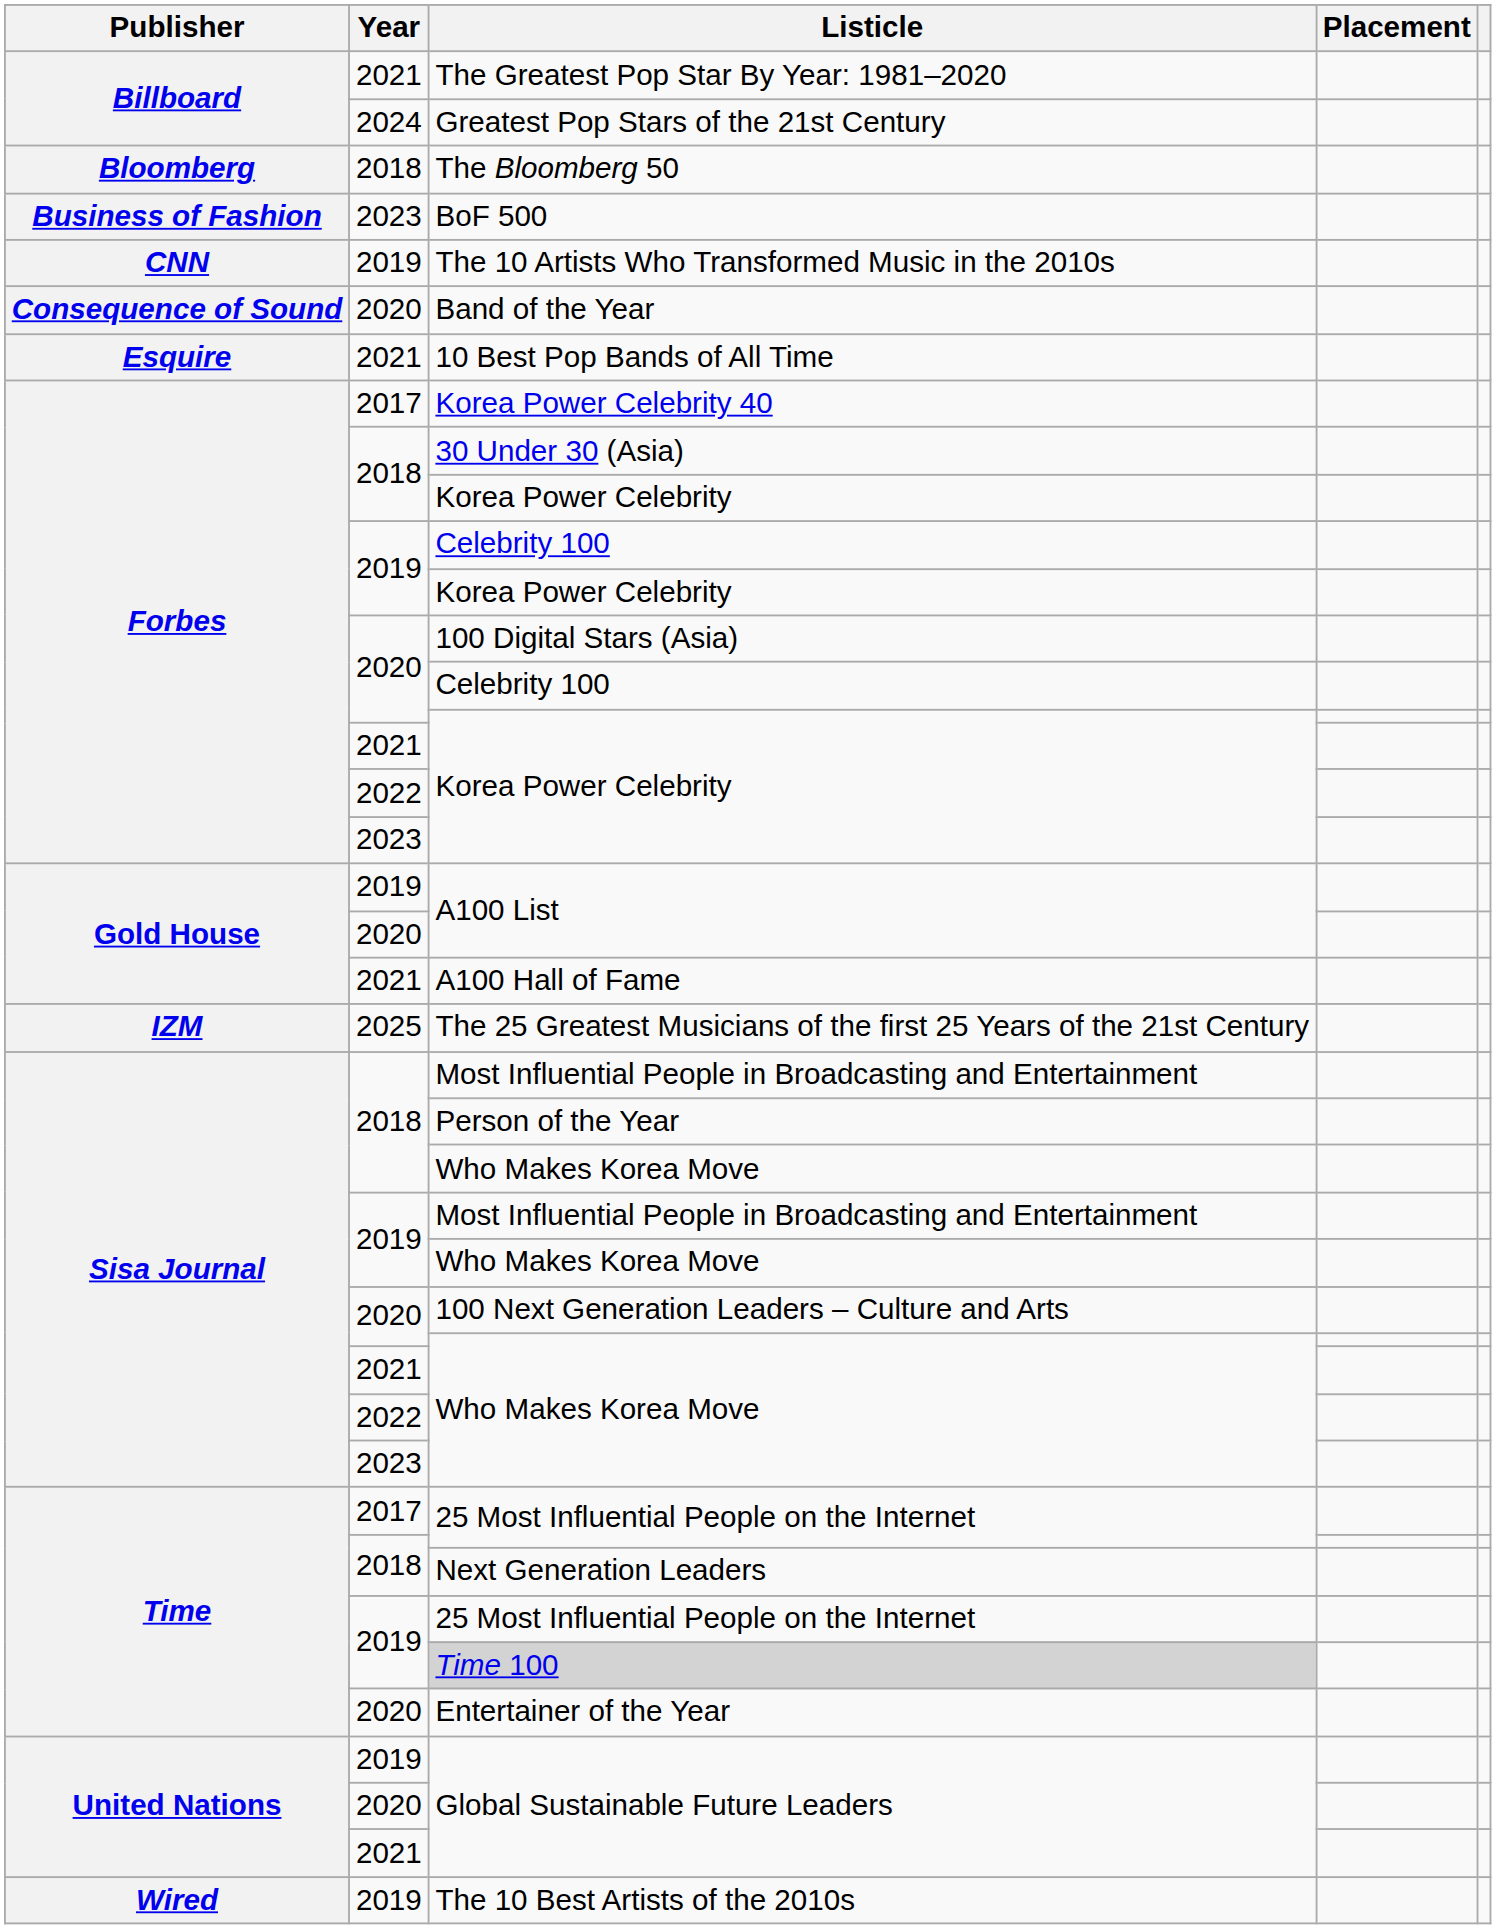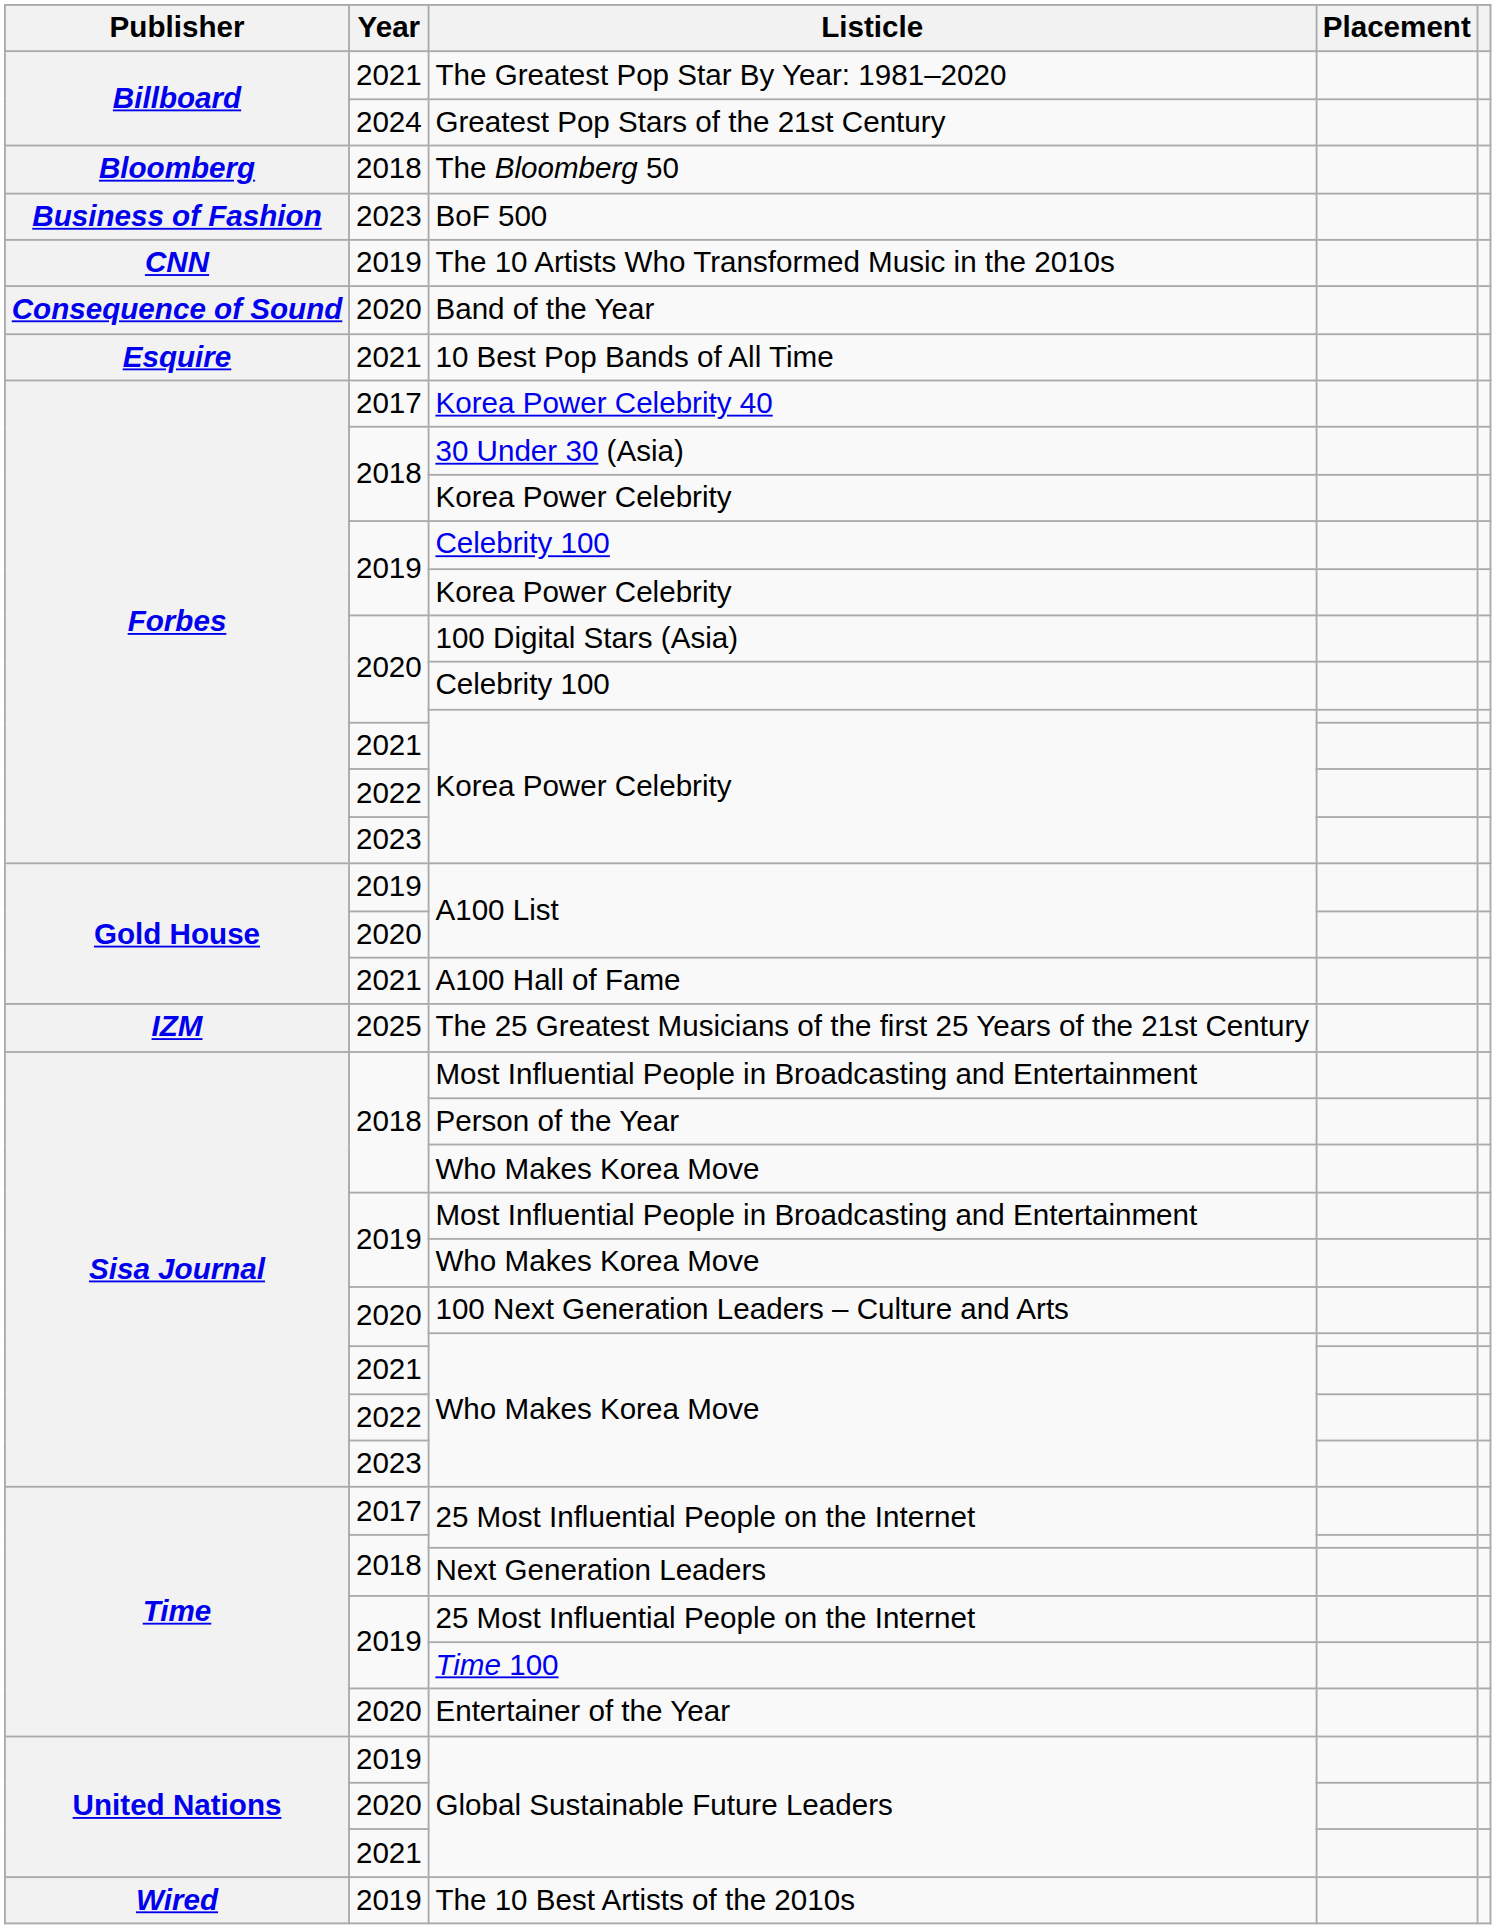 <table class="wikitable plainrowheaders sortable" style="margin-right: 0;">
 <tr>
 <th scope="col">Publisher</th>
 <th scope="col">Year</th>
 <th scope="col">Listicle</th>
 <th scope="col">Placement</th>
 <th scope="col" class="unsortable"></th>
 </tr>
 <tr>
 <th scope="row" rowspan="2"><em><a href='#'>Billboard</a></em></th>
 <td>2021</td>
 <td>The Greatest Pop Star By Year: 1981–2020</td>
 <td></td>
 <td style="text-align:center;"></td>
 </tr>
 <tr>
 <td>2024</td>
 <td>Greatest Pop Stars of the 21st Century</td>
 <td></td>
 <td style="text-align:center;"></td>
 </tr>
 <tr>
 <th scope="row"><em><a href='#'>Bloomberg</a></em></th>
 <td>2018</td>
 <td>The <em>Bloomberg</em> 50</td>
 <td></td>
 <td style="text-align:center;"></td>
 </tr>
 <tr>
 <th scope="row"><em><a href='#'>Business of Fashion</a></em></th>
 <td>2023</td>
 <td style="text-align:left">BoF 500</td>
 <td></td>
 <td style="text-align:center;"></td>
 </tr>
 <tr>
 <th scope="row"><em><a href='#'>CNN</a></em></th>
 <td>2019</td>
 <td>The 10 Artists Who Transformed Music in the 2010s</td>
 <td></td>
 <td style="text-align:center;"></td>
 </tr>
 <tr>
 <th scope="row"><em><a href='#'>Consequence of Sound</a></em></th>
 <td>2020</td>
 <td>Band of the Year</td>
 <td></td>
 <td align=center></td>
 </tr>
 <tr>
 <th scope="row"><em><a href='#'>Esquire</a></em></th>
 <td>2021</td>
 <td>10 Best Pop Bands of All Time</td>
 <td></td>
 <td align=center></td>
 </tr>
 <tr>
 <th scope="row" rowspan="11"><em><a href='#'>Forbes</a></em></th>
 <td>2017</td>
 <td><a href='#'>Korea Power Celebrity 40</a></td>
 <td></td>
 <td style="text-align:center;"></td>
 </tr>
 <tr>
 <td rowspan="2">2018</td>
 <td><a href='#'>30 Under 30</a> (Asia)</td>
 <td></td>
 <td style="text-align:center;"></td>
 </tr>
 <tr>
 <td>Korea Power Celebrity</td>
 <td></td>
 <td style="text-align:center;"></td>
 </tr>
 <tr>
 <td rowspan="2">2019</td>
 <td><a href='#'>Celebrity 100</a></td>
 <td></td>
 <td style="text-align:center;"></td>
 </tr>
 <tr>
 <td>Korea Power Celebrity</td>
 <td></td>
 <td style="text-align:center;"></td>
 </tr>
 <tr>
 <td rowspan="3">2020</td>
 <td>100 Digital Stars (Asia)</td>
 <td></td>
 <td style="text-align:center;"></td>
 </tr>
 <tr>
 <td>Celebrity 100</td>
 <td></td>
 <td style="text-align:center;"></td>
 </tr>
 <tr>
 <td rowspan="4">Korea Power Celebrity</td>
 <td></td>
 <td style="text-align:center;"></td>
 </tr>
 <tr>
 <td>2021</td>
 <td></td>
 <td style="text-align:center;"></td>
 </tr>
 <tr>
 <td>2022</td>
 <td></td>
 <td style="text-align:center;"></td>
 </tr>
 <tr>
 <td>2023</td>
 <td></td>
 <td style="text-align:center;"></td>
 </tr>
 <tr>
 <th scope="row" rowspan="3"><a href='#'>Gold House</a></th>
 <td>2019</td>
 <td rowspan="2">A100 List</td>
 <td></td>
 <td style="text-align:center;"></td>
 </tr>
 <tr>
 <td>2020</td>
 <td></td>
 <td style="text-align:center;"></td>
 </tr>
 <tr>
 <td>2021</td>
 <td>A100 Hall of Fame</td>
 <td></td>
 <td style="text-align:center;"></td>
 </tr>
 <tr>
 <th scope="row"><em><a href='#'>IZM</a></em></th>
 <td>2025</td>
 <td>The 25 Greatest Musicians of the first 25 Years of the 21st Century</td>
 <td></td>
 <td style="text-align:center;"></td>
 </tr>
 <tr>
 <th scope="row"rowspan="10"><em><a href='#'>Sisa Journal</a></em></th>
 <td rowspan="3">2018</td>
 <td>Most Influential People in Broadcasting and Entertainment</td>
 <td></td>
 <td style="text-align:center;"></td>
 </tr>
 <tr>
 <td>Person of the Year</td>
 <td></td>
 <td style="text-align:center;"></td>
 </tr>
 <tr>
 <td>Who Makes Korea Move</td>
 <td></td>
 <td style="text-align:center;"></td>
 </tr>
 <tr>
 <td rowspan="2">2019</td>
 <td>Most Influential People in Broadcasting and Entertainment</td>
 <td></td>
 <td style="text-align:center;"></td>
 </tr>
 <tr>
 <td>Who Makes Korea Move</td>
 <td></td>
 <td style="text-align:center;"></td>
 </tr>
 <tr>
 <td rowspan="2">2020</td>
 <td>100 Next Generation Leaders – Culture and Arts</td>
 <td></td>
 <td style="text-align:center;"></td>
 </tr>
 <tr>
 <td rowspan="4">Who Makes Korea Move</td>
 <td></td>
 <td style="text-align:center;"></td>
 </tr>
 <tr>
 <td>2021</td>
 <td></td>
 <td style="text-align:center;"></td>
 </tr>
 <tr>
 <td>2022</td>
 <td></td>
 <td style="text-align:center;"></td>
 </tr>
 <tr>
 <td>2023</td>
 <td></td>
 <td style="text-align:center;"></td>
 </tr>
 <tr>
 <th scope="row" rowspan="6"><em><a href='#'>Time</a></em></th>
 <td>2017</td>
 <td rowspan="2">25 Most Influential People on the Internet</td>
 <td></td>
 <td style="text-align:center;"></td>
 </tr>
 <tr>
 <td rowspan="2">2018</td>
 <td></td>
 <td style="text-align:center;"></td>
 </tr>
 <tr>
 <td>Next Generation Leaders</td>
 <td></td>
 <td style="text-align:center;"></td>
 </tr>
 <tr>
 <td rowspan="2">2019</td>
 <td>25 Most Influential People on the Internet</td>
 <td></td>
 <td style="text-align:center;"></td>
 </tr>
 <tr>
-<td style="background: lightgrey;"><a href='#'><em>Time</em> 100</a></td>
+<td><a href='#'><em>Time</em> 100</a></td>
 <td></td>
 <td style="text-align:center;"></td>
 </tr>
 <tr>
 <td>2020</td>
 <td>Entertainer of the Year</td>
 <td></td>
 <td style="text-align:center;"></td>
 </tr>
 <tr>
 <th scope="row" rowspan="3"><a href='#'>United Nations</a></th>
 <td>2019</td>
 <td rowspan="3">Global Sustainable Future Leaders</td>
 <td></td>
 <td style="text-align:center;"></td>
 </tr>
 <tr>
 <td>2020</td>
 <td></td>
 <td style="text-align:center;"></td>
 </tr>
 <tr>
 <td>2021</td>
 <td></td>
 <td style="text-align:center;"></td>
 </tr>
 <tr>
 <th scope="row"><em><a href='#'>Wired</a></em></th>
 <td>2019</td>
 <td>The 10 Best Artists of the 2010s</td>
 <td></td>
 <td align=center></td>
 </tr>
 </table>
